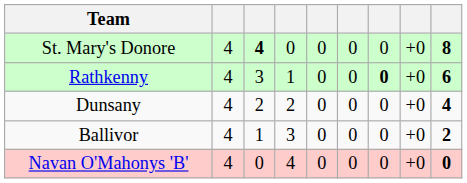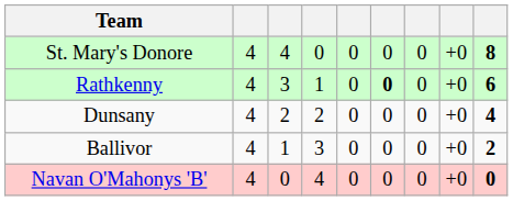 <table class="wikitable" style="text-align:center">
 <tr>
 <th width="175">Team</th>
 <th width="20"></th>
 <th width="20"></th>
 <th width="20"></th>
 <th width="20"></th>
 <th width="20"></th>
 <th width="20"></th>
 <th width="20"></th>
 <th width="20"></th>
 </tr>
 <tr style="background:#cfc;">
 <td>St. Mary's Donore</td>
 <td>4</td>
-<td><strong>4</strong></td>
+<td>4</td>
 <td>0</td>
 <td>0</td>
 <td>0</td>
 <td>0</td>
 <td>+0</td>
 <td><strong>8</strong></td>
 </tr>
 <tr style="background:#cfc;">
 <td><a href='#'>Rathkenny</a></td>
 <td>4</td>
 <td>3</td>
 <td>1</td>
 <td>0</td>
+<td><strong>0</strong></td>
 <td>0</td>
-<td><strong>0</strong></td>
 <td>+0</td>
 <td><strong>6</strong></td>
 </tr>
 <tr>
 <td>Dunsany</td>
 <td>4</td>
 <td>2</td>
 <td>2</td>
 <td>0</td>
 <td>0</td>
 <td>0</td>
 <td>+0</td>
 <td><strong>4</strong></td>
 </tr>
 <tr>
 <td>Ballivor</td>
 <td>4</td>
 <td>1</td>
 <td>3</td>
 <td>0</td>
 <td>0</td>
 <td>0</td>
 <td>+0</td>
 <td><strong>2</strong></td>
 </tr>
 <tr style="background:#fcc;">
 <td><a href='#'>Navan O'Mahonys 'B'</a></td>
 <td>4</td>
 <td>0</td>
 <td>4</td>
 <td>0</td>
 <td>0</td>
 <td>0</td>
 <td>+0</td>
 <td><strong>0</strong></td>
 </tr>
 </table>
